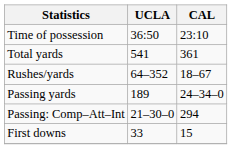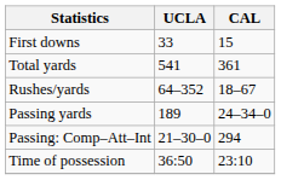 <table class="wikitable" style="float: left;">
 <tr>
 <th>Statistics</th>
 <th>UCLA</th>
 <th>CAL</th>
 </tr>
 <tr>
-<td>Time of possession</td>
-<td>36:50</td>
-<td>23:10</td>
+<td>First downs</td>
+<td>33</td>
+<td>15</td>
 </tr>
 <tr>
 <td>Total yards</td>
 <td>541</td>
 <td>361</td>
 </tr>
 <tr>
 <td>Rushes/yards</td>
 <td>64–352</td>
 <td>18–67</td>
 </tr>
 <tr>
 <td>Passing yards</td>
 <td>189</td>
 <td>24–34–0</td>
 </tr>
 <tr>
 <td>Passing: Comp–Att–Int</td>
 <td>21–30–0</td>
 <td>294</td>
 </tr>
 <tr>
-<td>First downs</td>
-<td>33</td>
-<td>15</td>
+<td>Time of possession</td>
+<td>36:50</td>
+<td>23:10</td>
 </tr>
 <tr>
 </tr>
 </table>
